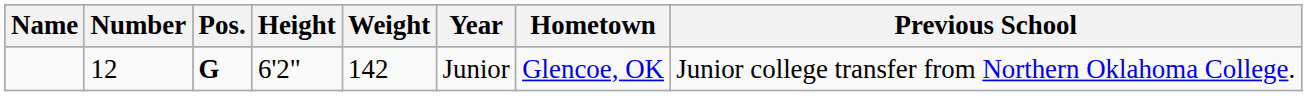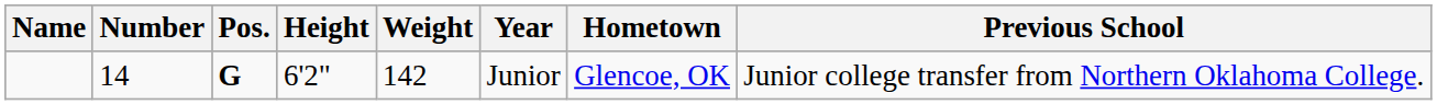 <table class="wikitable sortable" border="1">
 <tr>
 <th>Name</th>
 <th>Number</th>
 <th>Pos.</th>
 <th>Height</th>
 <th>Weight</th>
 <th>Year</th>
 <th>Hometown</th>
 <th class="unsortable">Previous School</th>
 </tr>
 <tr>
 <td></td>
-<td>12</td>
+<td>14</td>
 <td><strong>G</strong></td>
 <td>6'2"</td>
 <td>142</td>
 <td>Junior</td>
 <td><a href='#'>Glencoe, OK</a></td>
 <td>Junior college transfer from <a href='#'>Northern Oklahoma College</a>.</td>
 </tr>
 </table>
